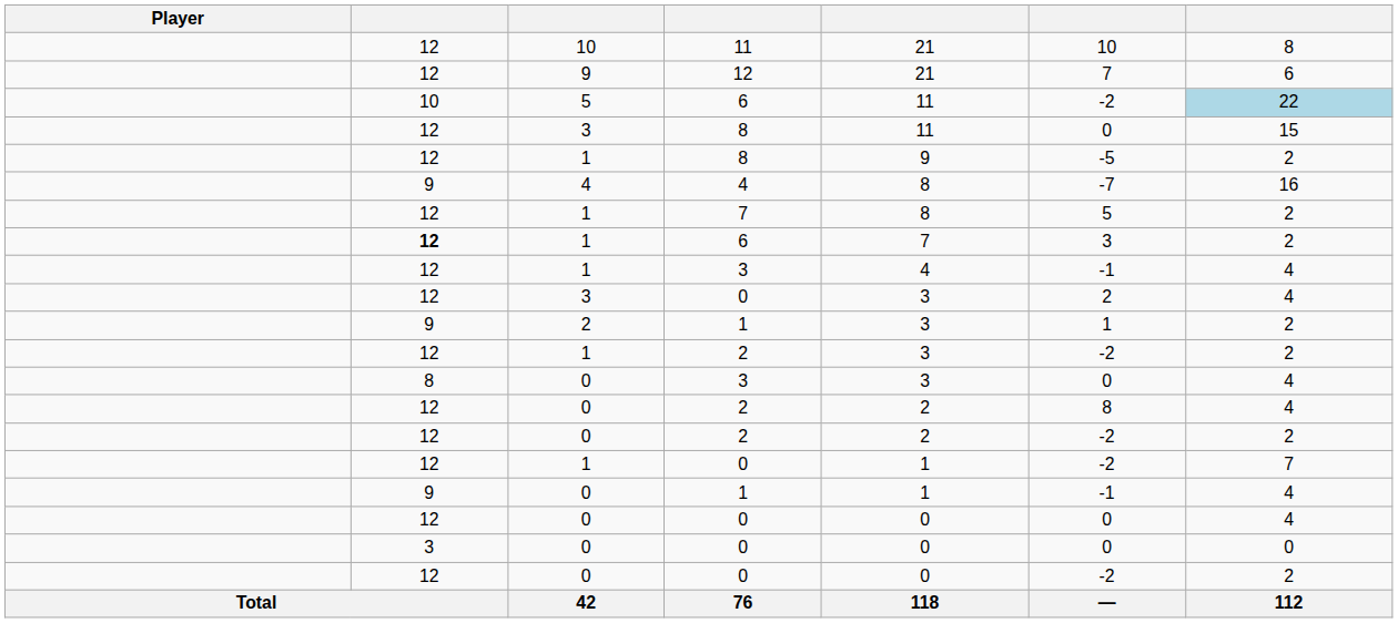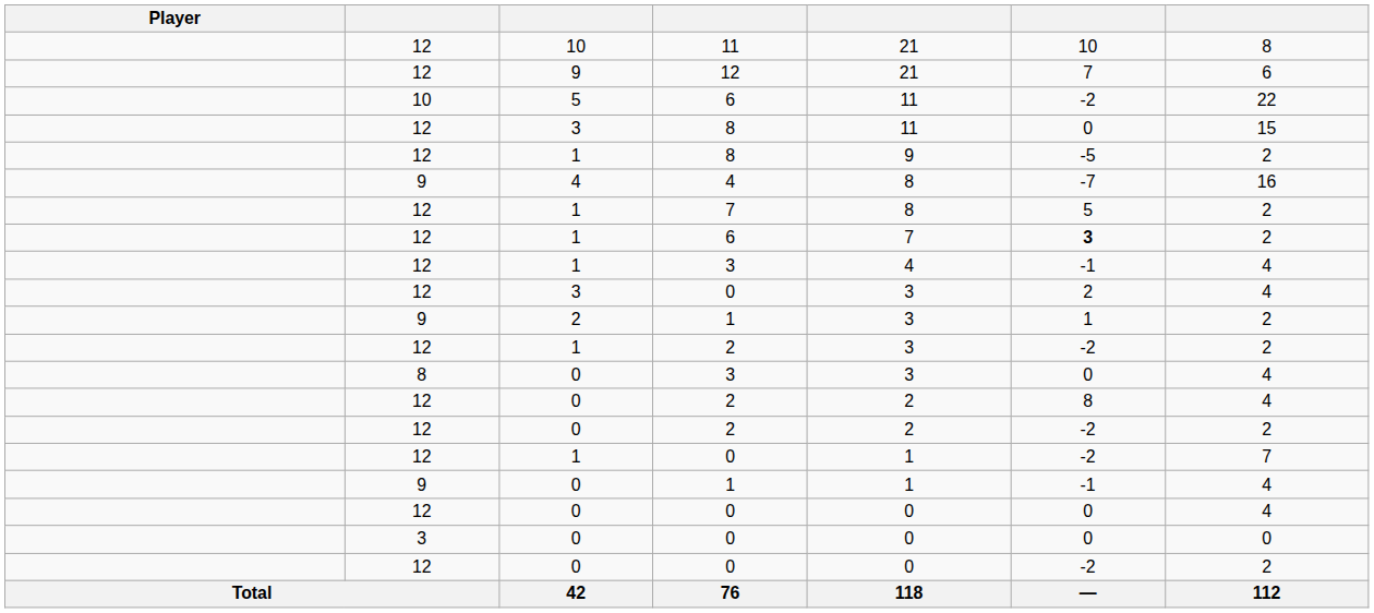 <table class="wikitable sortable" style="width:100%; text-align:center;">
 <tr>
 <th>Player</th>
 <th></th>
 <th></th>
 <th></th>
 <th></th>
 <th data-sort-type="number"></th>
 <th></th>
 </tr>
 <tr>
 <td></td>
 <td>12</td>
 <td>10</td>
 <td>11</td>
 <td>21</td>
 <td>10</td>
 <td>8</td>
 </tr>
 <tr>
 <td></td>
 <td>12</td>
 <td>9</td>
 <td>12</td>
 <td>21</td>
 <td>7</td>
 <td>6</td>
 </tr>
 <tr>
 <td></td>
 <td>10</td>
 <td>5</td>
 <td>6</td>
 <td>11</td>
 <td>-2</td>
-<td style="background: lightblue;">22</td>
+<td>22</td>
 </tr>
 <tr>
 <td></td>
 <td>12</td>
 <td>3</td>
 <td>8</td>
 <td>11</td>
 <td>0</td>
 <td>15</td>
 </tr>
 <tr>
 <td></td>
 <td>12</td>
 <td>1</td>
 <td>8</td>
 <td>9</td>
 <td>-5</td>
 <td>2</td>
 </tr>
 <tr>
 <td></td>
 <td>9</td>
 <td>4</td>
 <td>4</td>
 <td>8</td>
 <td>-7</td>
 <td>16</td>
 </tr>
 <tr>
 <td></td>
 <td>12</td>
 <td>1</td>
 <td>7</td>
 <td>8</td>
 <td>5</td>
 <td>2</td>
 </tr>
 <tr>
 <td></td>
-<td><strong>12</strong></td>
+<td>12</td>
 <td>1</td>
 <td>6</td>
 <td>7</td>
-<td>3</td>
+<td><strong>3</strong></td>
 <td>2</td>
 </tr>
 <tr>
 <td></td>
 <td>12</td>
 <td>1</td>
 <td>3</td>
 <td>4</td>
 <td>-1</td>
 <td>4</td>
 </tr>
 <tr>
 <td></td>
 <td>12</td>
 <td>3</td>
 <td>0</td>
 <td>3</td>
 <td>2</td>
 <td>4</td>
 </tr>
 <tr>
 <td></td>
 <td>9</td>
 <td>2</td>
 <td>1</td>
 <td>3</td>
 <td>1</td>
 <td>2</td>
 </tr>
 <tr>
 <td></td>
 <td>12</td>
 <td>1</td>
 <td>2</td>
 <td>3</td>
 <td>-2</td>
 <td>2</td>
 </tr>
 <tr>
 <td></td>
 <td>8</td>
 <td>0</td>
 <td>3</td>
 <td>3</td>
 <td>0</td>
 <td>4</td>
 </tr>
 <tr>
 <td></td>
 <td>12</td>
 <td>0</td>
 <td>2</td>
 <td>2</td>
 <td>8</td>
 <td>4</td>
 </tr>
 <tr>
 <td></td>
 <td>12</td>
 <td>0</td>
 <td>2</td>
 <td>2</td>
 <td>-2</td>
 <td>2</td>
 </tr>
 <tr>
 <td></td>
 <td>12</td>
 <td>1</td>
 <td>0</td>
 <td>1</td>
 <td>-2</td>
 <td>7</td>
 </tr>
 <tr>
 <td></td>
 <td>9</td>
 <td>0</td>
 <td>1</td>
 <td>1</td>
 <td>-1</td>
 <td>4</td>
 </tr>
 <tr>
 <td></td>
 <td>12</td>
 <td>0</td>
 <td>0</td>
 <td>0</td>
 <td>0</td>
 <td>4</td>
 </tr>
 <tr>
 <td></td>
 <td>3</td>
 <td>0</td>
 <td>0</td>
 <td>0</td>
 <td>0</td>
 <td>0</td>
 </tr>
 <tr>
 <td></td>
 <td>12</td>
 <td>0</td>
 <td>0</td>
 <td>0</td>
 <td>-2</td>
 <td>2</td>
 </tr>
 <tr class="sortbottom">
 <th colspan=2>Total</th>
 <th>42</th>
 <th>76</th>
 <th>118</th>
 <th>—</th>
 <th>112</th>
 </tr>
 </table>
